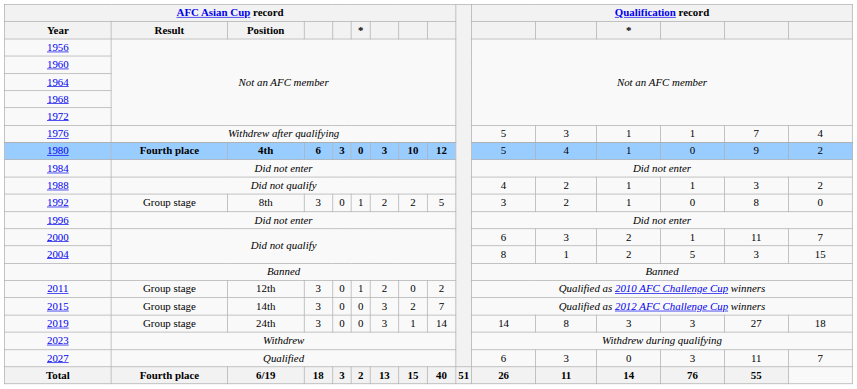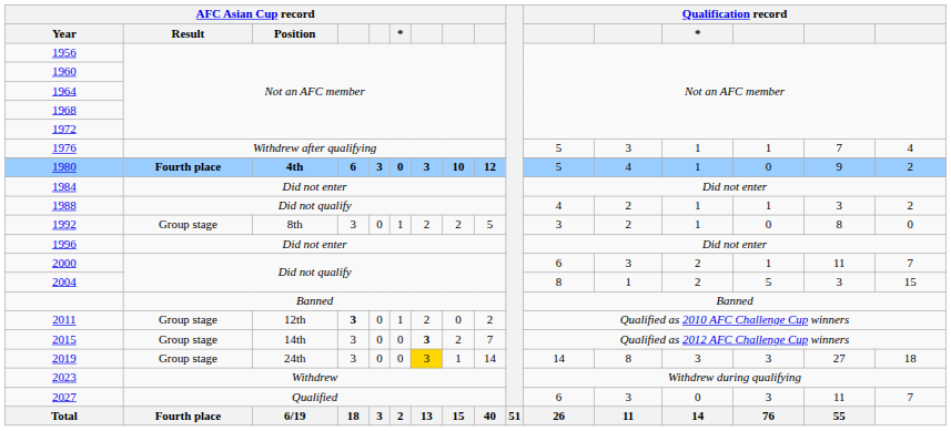 <table class="wikitable" style="text-align: center;">
 <tr>
 <th colspan=9><a href='#'>AFC Asian Cup</a> record</th>
 <th style="width:1%;" rowspan="22"></th>
 <th colspan=6><a href='#'>Qualification</a> record</th>
 </tr>
 <tr>
 <th width=150>Year</th>
 <th>Result</th>
 <th>Position</th>
 <th></th>
 <th></th>
 <th>*</th>
 <th></th>
 <th></th>
 <th></th>
 <th></th>
 <th></th>
 <th>*</th>
 <th></th>
 <th></th>
 <th></th>
 </tr>
 <tr>
 <td> <a href='#'>1956</a></td>
 <td rowspan=5 colspan=8><em>Not an AFC member</em></td>
 <td rowspan=5 colspan=6><em>Not an AFC member</em></td>
 </tr>
 <tr>
 <td> <a href='#'>1960</a></td>
 </tr>
 <tr>
 <td> <a href='#'>1964</a></td>
 </tr>
 <tr>
 <td> <a href='#'>1968</a></td>
 </tr>
 <tr>
 <td> <a href='#'>1972</a></td>
 </tr>
 <tr>
 <td> <a href='#'>1976</a></td>
 <td colspan=8><em>Withdrew after qualifying</em></td>
 <td>5</td>
 <td>3</td>
 <td>1</td>
 <td>1</td>
 <td>7</td>
 <td>4</td>
 </tr>
 <tr>
 </tr>
 <tr style="background:#9acdff;">
 <td> <a href='#'>1980</a></td>
 <td><strong>Fourth place</strong></td>
 <td><strong>4th</strong></td>
 <td><strong>6</strong></td>
 <td><strong>3</strong></td>
 <td><strong>0</strong></td>
 <td><strong>3</strong></td>
 <td><strong>10</strong></td>
 <td><strong>12</strong></td>
 <td>5</td>
 <td>4</td>
 <td>1</td>
 <td>0</td>
 <td>9</td>
 <td>2</td>
 </tr>
 <tr>
 <td> <a href='#'>1984</a></td>
 <td colspan=8><em>Did not enter</em></td>
 <td colspan=6><em>Did not enter</em></td>
 </tr>
 <tr>
 <td> <a href='#'>1988</a></td>
 <td colspan=8><em>Did not qualify</em></td>
 <td>4</td>
 <td>2</td>
 <td>1</td>
 <td>1</td>
 <td>3</td>
 <td>2</td>
 </tr>
 <tr>
 <td> <a href='#'>1992</a></td>
 <td>Group stage</td>
 <td>8th</td>
 <td>3</td>
 <td>0</td>
 <td>1</td>
 <td>2</td>
 <td>2</td>
 <td>5</td>
 <td>3</td>
 <td>2</td>
 <td>1</td>
 <td>0</td>
 <td>8</td>
 <td>0</td>
 </tr>
 <tr>
 <td> <a href='#'>1996</a></td>
 <td colspan=8><em>Did not enter</em></td>
 <td colspan=6><em>Did not enter</em></td>
 </tr>
 <tr>
 <td> <a href='#'>2000</a></td>
 <td rowspan=2 colspan=8><em>Did not qualify</em></td>
 <td>6</td>
 <td>3</td>
 <td>2</td>
 <td>1</td>
 <td>11</td>
 <td>7</td>
 </tr>
 <tr>
 <td> <a href='#'>2004</a></td>
 <td>8</td>
 <td>1</td>
 <td>2</td>
 <td>5</td>
 <td>3</td>
 <td>15</td>
 </tr>
 <tr>
 <td></td>
 <td colspan=8><em>Banned</em></td>
 <td colspan=8><em>Banned</em></td>
 </tr>
 <tr>
 <td> <a href='#'>2011</a></td>
 <td>Group stage</td>
 <td>12th</td>
-<td>3</td>
+<td><strong>3</strong></td>
 <td>0</td>
 <td>1</td>
 <td>2</td>
 <td>0</td>
 <td>2</td>
 <td colspan=7><em>Qualified as <a href='#'>2010 AFC Challenge Cup</a> winners</em></td>
 </tr>
 <tr>
 <td> <a href='#'>2015</a></td>
 <td>Group stage</td>
 <td>14th</td>
 <td>3</td>
 <td>0</td>
 <td>0</td>
-<td>3</td>
+<td><strong>3</strong></td>
 <td>2</td>
 <td>7</td>
 <td colspan=7><em>Qualified as <a href='#'>2012 AFC Challenge Cup</a> winners</em></td>
 </tr>
 <tr>
 <td> <a href='#'>2019</a></td>
 <td>Group stage</td>
 <td>24th</td>
 <td>3</td>
 <td>0</td>
 <td>0</td>
-<td>3</td>
+<td style="background: gold;">3</td>
 <td>1</td>
 <td>14</td>
 <td>14</td>
 <td>8</td>
 <td>3</td>
 <td>3</td>
 <td>27</td>
 <td>18</td>
 </tr>
 <tr>
 <td> <a href='#'>2023</a></td>
 <td colspan=8><em>Withdrew</em></td>
 <td colspan=6><em>Withdrew during qualifying</em></td>
 </tr>
 <tr>
 <td> <a href='#'>2027</a></td>
 <td colspan=8><em>Qualified</em></td>
 <td>6</td>
 <td>3</td>
 <td>0</td>
 <td>3</td>
 <td>11</td>
 <td>7</td>
 </tr>
 <tr>
 <th>Total</th>
 <th>Fourth place</th>
 <th>6/19</th>
 <th>18</th>
 <th>3</th>
 <th>2</th>
 <th>13</th>
 <th>15</th>
 <th>40</th>
 <th>51</th>
 <th>26</th>
 <th>11</th>
 <th>14</th>
 <th>76</th>
 <th>55</th>
 </tr>
 </table>
